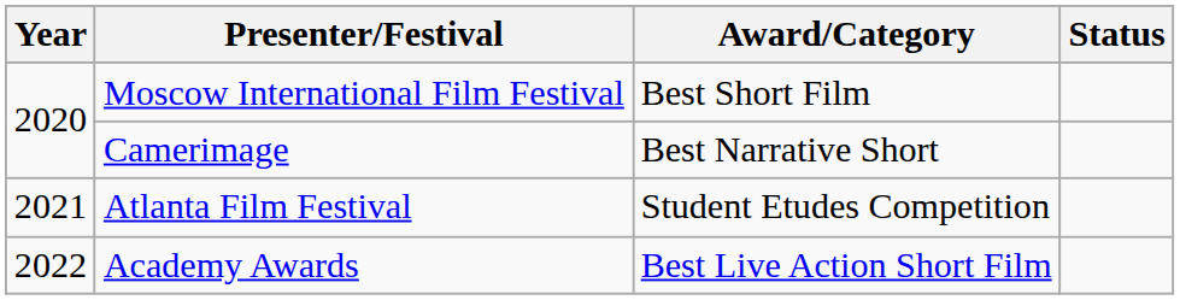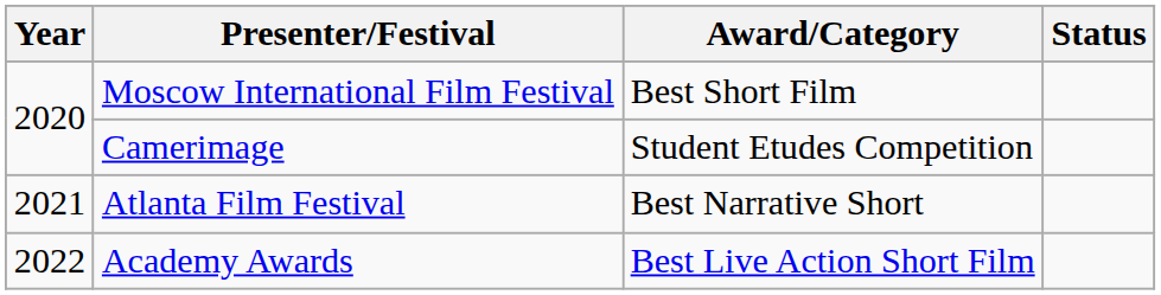 <table class="wikitable">
 <tr>
 <th>Year</th>
 <th>Presenter/Festival</th>
 <th>Award/Category</th>
 <th>Status</th>
 </tr>
 <tr>
 <td rowspan="2">2020</td>
 <td><a href='#'>Moscow International Film Festival</a></td>
 <td>Best Short Film</td>
 <td></td>
 </tr>
 <tr>
 <td><a href='#'>Camerimage</a></td>
-<td>Best Narrative Short</td>
+<td>Student Etudes Competition</td>
 <td></td>
 </tr>
 <tr>
 <td>2021</td>
 <td><a href='#'>Atlanta Film Festival</a></td>
-<td>Student Etudes Competition</td>
+<td>Best Narrative Short</td>
 <td></td>
 </tr>
 <tr>
 <td>2022</td>
 <td><a href='#'>Academy Awards</a></td>
 <td><a href='#'>Best Live Action Short Film</a></td>
 <td></td>
 </tr>
 </table>
